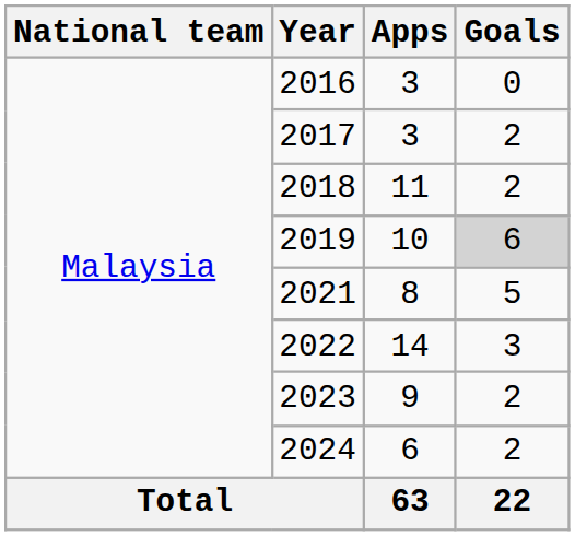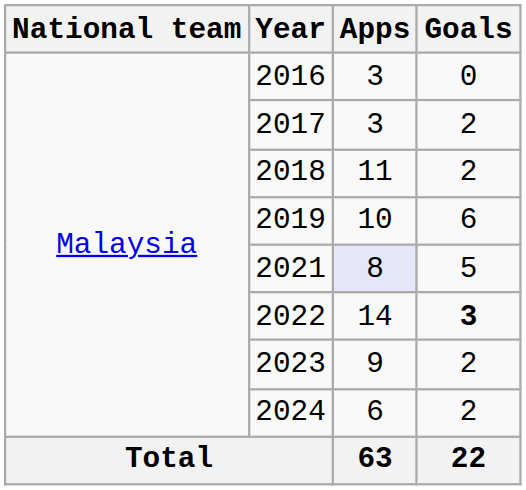 <table class="wikitable" style="text-align:center">
 <tr>
 <th>National team</th>
 <th>Year</th>
 <th>Apps</th>
 <th>Goals</th>
 </tr>
 <tr>
 <td rowspan="8"><a href='#'>Malaysia</a></td>
 <td>2016</td>
 <td>3</td>
 <td>0</td>
 </tr>
 <tr>
 <td>2017</td>
 <td>3</td>
 <td>2</td>
 </tr>
 <tr>
 <td>2018</td>
 <td>11</td>
 <td>2</td>
 </tr>
 <tr>
 <td>2019</td>
 <td>10</td>
-<td style="background: lightgrey;">6</td>
+<td>6</td>
 </tr>
 <tr>
 <td>2021</td>
-<td>8</td>
+<td style="background: lavender;">8</td>
 <td>5</td>
 </tr>
 <tr>
 <td>2022</td>
 <td>14</td>
-<td>3</td>
+<td><strong>3</strong></td>
 </tr>
 <tr>
 <td>2023</td>
 <td>9</td>
 <td>2</td>
 </tr>
 <tr>
 <td>2024</td>
 <td>6</td>
 <td>2</td>
 </tr>
 <tr>
 <th colspan="2">Total</th>
 <th>63</th>
 <th>22</th>
 </tr>
 </table>
